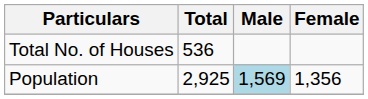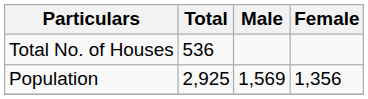 <table class="wikitable sortable">
 <tr>
 <th>Particulars</th>
 <th>Total</th>
 <th>Male</th>
 <th>Female</th>
 </tr>
 <tr>
 <td>Total No. of Houses</td>
 <td>536</td>
 <td></td>
 <td></td>
 </tr>
 <tr>
 <td>Population</td>
 <td>2,925</td>
-<td style="background: lightblue;">1,569</td>
+<td>1,569</td>
 <td>1,356</td>
 </tr>
 <tr>
 </tr>
 </table>
